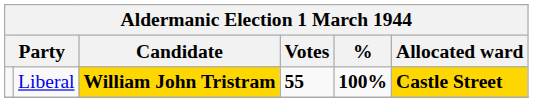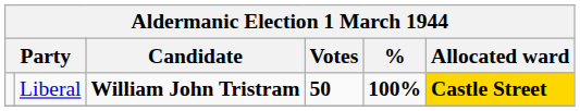 <table class="wikitable">
 <tr>
 <th colspan="6"><strong>Aldermanic Election 1 March 1944</strong></th>
 </tr>
 <tr>
 <th colspan="2">Party</th>
 <th>Candidate</th>
 <th>Votes</th>
 <th>%</th>
 <th>Allocated ward</th>
 </tr>
 <tr>
 <td style="background-color:"></td>
 <td><a href='#'>Liberal</a></td>
-<td style="background: gold;"><strong>William John Tristram</strong></td>
-<td><strong>55</strong></td>
+<td><strong>William John Tristram</strong></td>
+<td><strong>50</strong></td>
 <td><strong>100%</strong></td>
 <td style="background: gold;"><strong>Castle Street</strong></td>
 </tr>
 <tr>
 </tr>
 </table>
